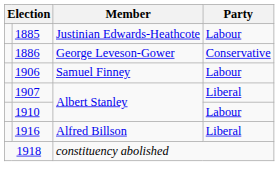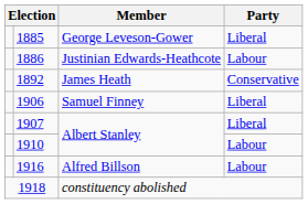 <table class="wikitable">
 <tr>
 <th colspan="2">Election</th>
 <th>Member</th>
 <th>Party</th>
 </tr>
 <tr>
 <td style="color:inherit;background-color: "></td>
 <td><a href='#'>1885</a></td>
+<td><a href='#'>George Leveson-Gower</a></td>
+<td><a href='#'>Liberal</a></td>
+</tr>
+<tr>
+<td style="color:inherit;background-color: "></td>
+<td><a href='#'>1886</a></td>
 <td><a href='#'>Justinian Edwards-Heathcote</a></td>
 <td><a href='#'>Labour</a></td>
 </tr>
 <tr>
 <td style="color:inherit;background-color: "></td>
-<td><a href='#'>1886</a></td>
-<td><a href='#'>George Leveson-Gower</a></td>
+<td><a href='#'>1892</a></td>
+<td><a href='#'>James Heath</a></td>
 <td><a href='#'>Conservative</a></td>
 </tr>
 <tr>
 <td style="color:inherit;background-color: "></td>
 <td><a href='#'>1906</a></td>
 <td><a href='#'>Samuel Finney</a></td>
-<td><a href='#'>Labour</a></td>
+<td><a href='#'>Liberal</a></td>
 </tr>
 <tr>
 <td style="color:inherit;background-color: "></td>
 <td><a href='#'>1907</a></td>
 <td rowspan="2"><a href='#'>Albert Stanley</a></td>
 <td><a href='#'>Liberal</a></td>
 </tr>
 <tr>
 <td style="color:inherit;background-color: "></td>
 <td><a href='#'>1910</a></td>
 <td><a href='#'>Labour</a></td>
 </tr>
 <tr>
 <td style="color:inherit;background-color: "></td>
 <td><a href='#'>1916</a></td>
 <td><a href='#'>Alfred Billson</a></td>
-<td><a href='#'>Liberal</a></td>
+<td><a href='#'>Labour</a></td>
 </tr>
 <tr>
 <td colspan="2" align="center"><a href='#'>1918</a></td>
 <td colspan="2"><em>constituency abolished</em></td>
 </tr>
 </table>
